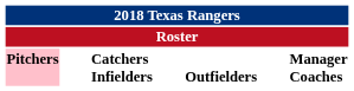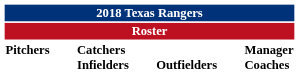 <table class="toccolours" style="font-size: 95%;">
 <tr>
 <th colspan="10" style="background:#003279; color:#fff; text-align:center;">2018 Texas Rangers</th>
 </tr>
 <tr>
 <td colspan="10" style="background:#bd1021; color:white; text-align:center;"><strong>Roster</strong></td>
 </tr>
 <tr>
-<td valign="top" style="background: pink;"><strong>Pitchers</strong><br>                             </td>
+<td valign="top"><strong>Pitchers</strong><br>                             </td>
 <td style="width:25px;"></td>
 <td valign="top"><strong>Catchers</strong><br>    <strong>Infielders</strong>        </td>
 <td width="25px"></td>
 <td valign="top"><br><strong>Outfielders</strong>        </td>
 <td style="width:25px;"></td>
 <td valign="top"><strong>Manager</strong><br>  <strong>Coaches</strong>                  </td>
 </tr>
 </table>
